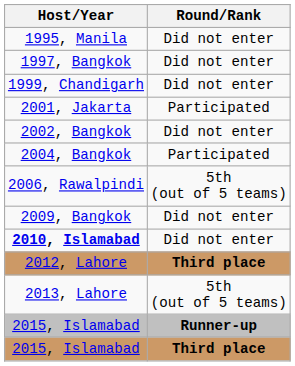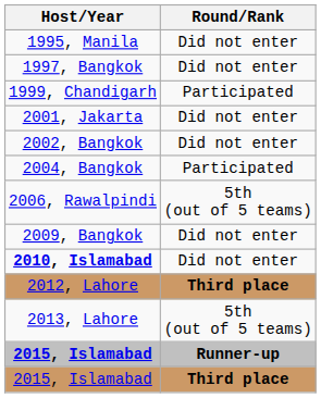 <table class="wikitable" style="text-align: center;">
 <tr>
 <th>Host/Year</th>
 <th>Round/Rank</th>
 </tr>
 <tr style=>
 <td> <a href='#'>1995</a>, <a href='#'>Manila</a></td>
 <td>Did not enter</td>
 </tr>
 <tr style=>
 <td> <a href='#'>1997</a>, <a href='#'>Bangkok</a></td>
 <td>Did not enter</td>
 </tr>
 <tr style=>
 <td> <a href='#'>1999</a>, <a href='#'>Chandigarh</a></td>
-<td>Did not enter</td>
+<td>Participated</td>
 </tr>
 <tr style=>
 <td> <a href='#'>2001</a>, <a href='#'>Jakarta</a></td>
-<td>Participated</td>
+<td>Did not enter</td>
 </tr>
 <tr style=>
 <td> <a href='#'>2002</a>, <a href='#'>Bangkok</a></td>
 <td>Did not enter</td>
 </tr>
 <tr style=>
 <td> <a href='#'>2004</a>, <a href='#'>Bangkok</a></td>
 <td>Participated</td>
 </tr>
 <tr style=>
 <td> <a href='#'>2006</a>, <a href='#'>Rawalpindi</a></td>
 <td>5th<br>(out of 5 teams)</td>
 </tr>
 <tr style=>
 <td> <a href='#'>2009</a>, <a href='#'>Bangkok</a></td>
 <td>Did not enter</td>
 </tr>
 <tr style=>
 <td><strong> <a href='#'>2010</a>, <a href='#'>Islamabad</a></strong></td>
 <td>Did not enter</td>
 </tr>
 <tr style="background:#c96;">
 <td> <a href='#'>2012</a>, <a href='#'>Lahore</a></td>
 <td><strong>Third place</strong></td>
 </tr>
 <tr style=>
 <td> <a href='#'>2013</a>, <a href='#'>Lahore</a></td>
 <td>5th<br>(out of 5 teams)</td>
 </tr>
 <tr style="background:silver;">
-<td> <a href='#'>2015</a>, <a href='#'>Islamabad</a></td>
+<td><strong> <a href='#'>2015</a>, <a href='#'>Islamabad</a></strong></td>
 <td><strong>Runner-up</strong></td>
 </tr>
 <tr style="background:#c96;">
 <td> <a href='#'>2015</a>, <a href='#'>Islamabad</a></td>
 <td><strong>Third place</strong></td>
 </tr>
 </table>
